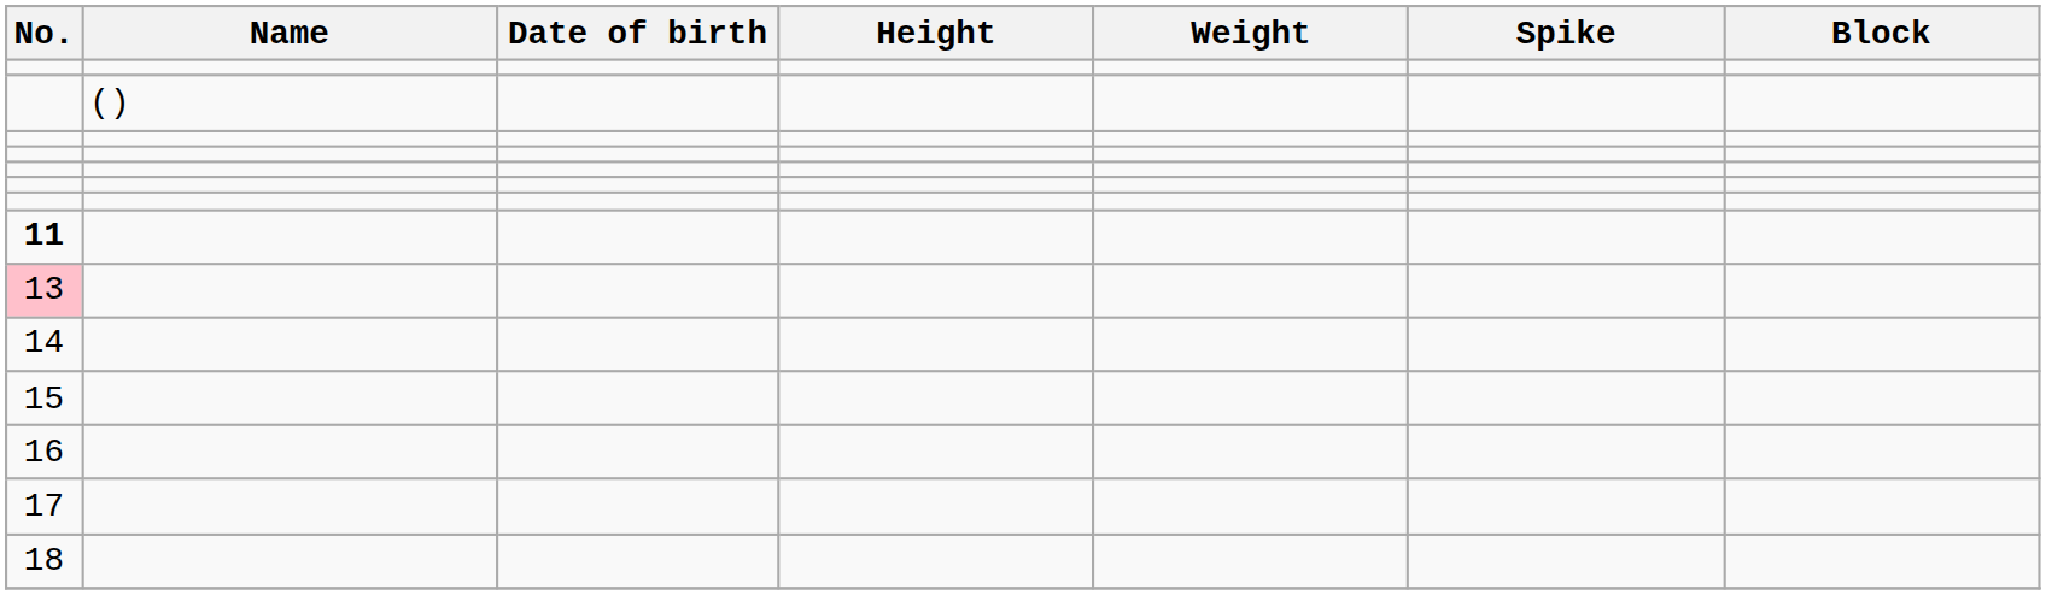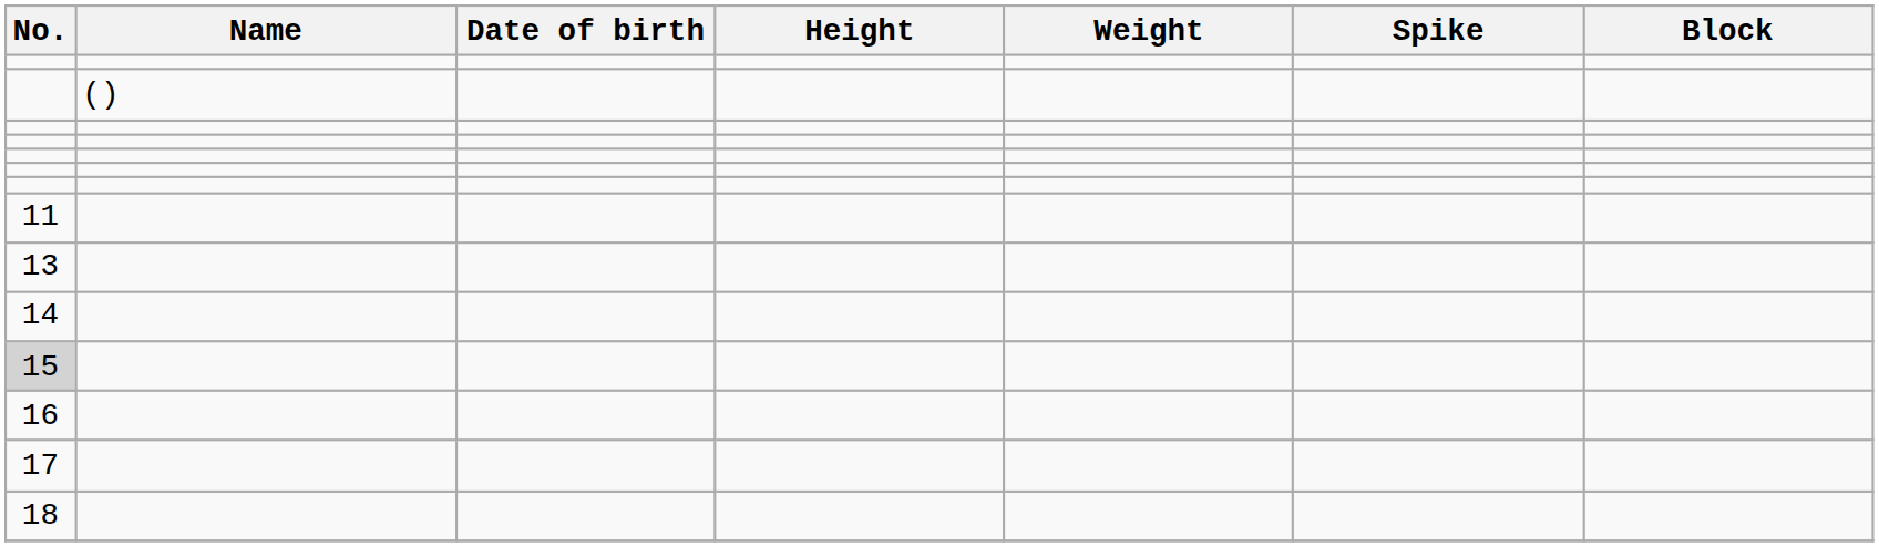 <table class="wikitable sortable" style="font-size:100%; text-align:center;">
 <tr>
 <th>No.</th>
 <th style="width:12em">Name</th>
 <th style="width:8em">Date of birth</th>
 <th style="width:9em">Height</th>
 <th style="width:9em">Weight</th>
 <th style="width:9em">Spike</th>
 <th style="width:9em">Block</th>
 </tr>
 <tr>
 <td></td>
 <td align=left> </td>
 <td align=right></td>
 <td></td>
 <td></td>
 <td></td>
 <td></td>
 </tr>
 <tr>
 <td></td>
 <td align=left>  ()</td>
 <td align=right></td>
 <td></td>
 <td></td>
 <td></td>
 <td></td>
 </tr>
 <tr>
 <td></td>
 <td align=left> </td>
 <td align=right></td>
 <td></td>
 <td></td>
 <td></td>
 <td></td>
 </tr>
 <tr>
 <td></td>
 <td align=left> </td>
 <td align=right></td>
 <td></td>
 <td></td>
 <td></td>
 <td></td>
 </tr>
 <tr>
 <td></td>
 <td align=left> </td>
 <td align=right></td>
 <td></td>
 <td></td>
 <td></td>
 <td></td>
 </tr>
 <tr>
 <td></td>
 <td align=left> </td>
 <td align=right></td>
 <td></td>
 <td></td>
 <td></td>
 <td></td>
 </tr>
 <tr>
 <td></td>
 <td align=left> </td>
 <td align=right></td>
 <td></td>
 <td></td>
 <td></td>
 <td></td>
 </tr>
 <tr>
-<td><strong>11</strong></td>
+<td>11</td>
 <td align=left> </td>
 <td align=right></td>
 <td></td>
 <td></td>
 <td></td>
 <td></td>
 </tr>
 <tr>
-<td style="background: pink;">13</td>
+<td>13</td>
 <td align=left> </td>
 <td align=right></td>
 <td></td>
 <td></td>
 <td></td>
 <td></td>
 </tr>
 <tr>
 <td>14</td>
 <td align=left> </td>
 <td align=right></td>
 <td></td>
 <td></td>
 <td></td>
 <td></td>
 </tr>
 <tr>
-<td>15</td>
+<td style="background: lightgrey;">15</td>
 <td align=left> </td>
 <td align=right></td>
 <td></td>
 <td></td>
 <td></td>
 <td></td>
 </tr>
 <tr>
 <td>16</td>
 <td align=left> </td>
 <td align=right></td>
 <td></td>
 <td></td>
 <td></td>
 <td></td>
 </tr>
 <tr>
 <td>17</td>
 <td align=left> </td>
 <td align=right></td>
 <td></td>
 <td></td>
 <td></td>
 <td></td>
 </tr>
 <tr>
 <td>18</td>
 <td align=left> </td>
 <td align=right></td>
 <td></td>
 <td></td>
 <td></td>
 <td></td>
 </tr>
 <tr>
 </tr>
 </table>
